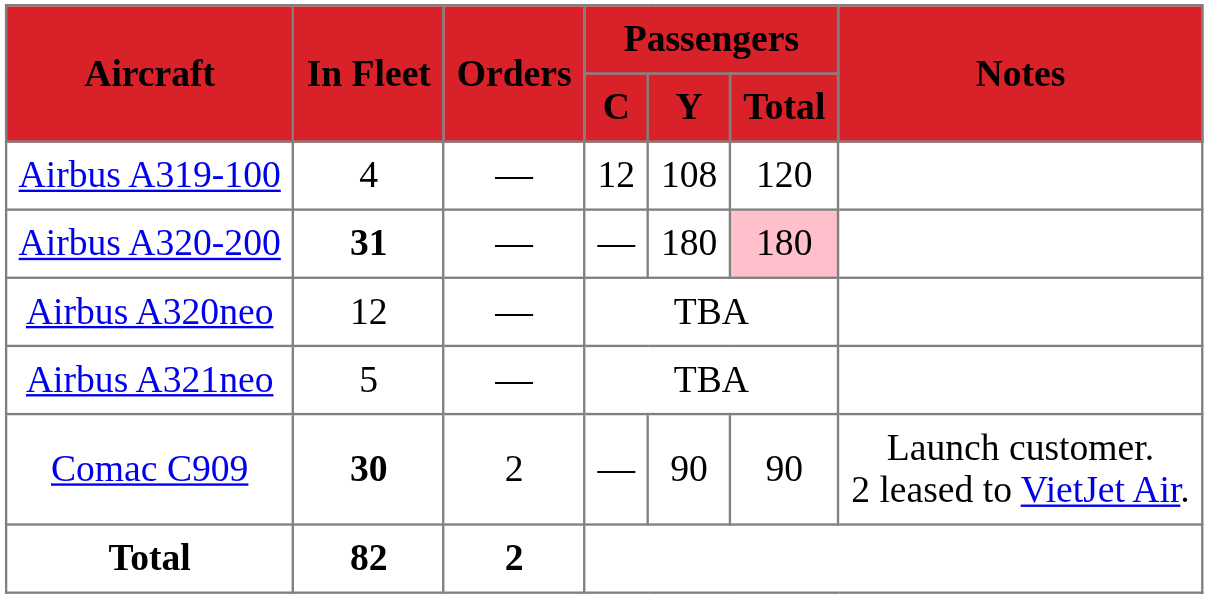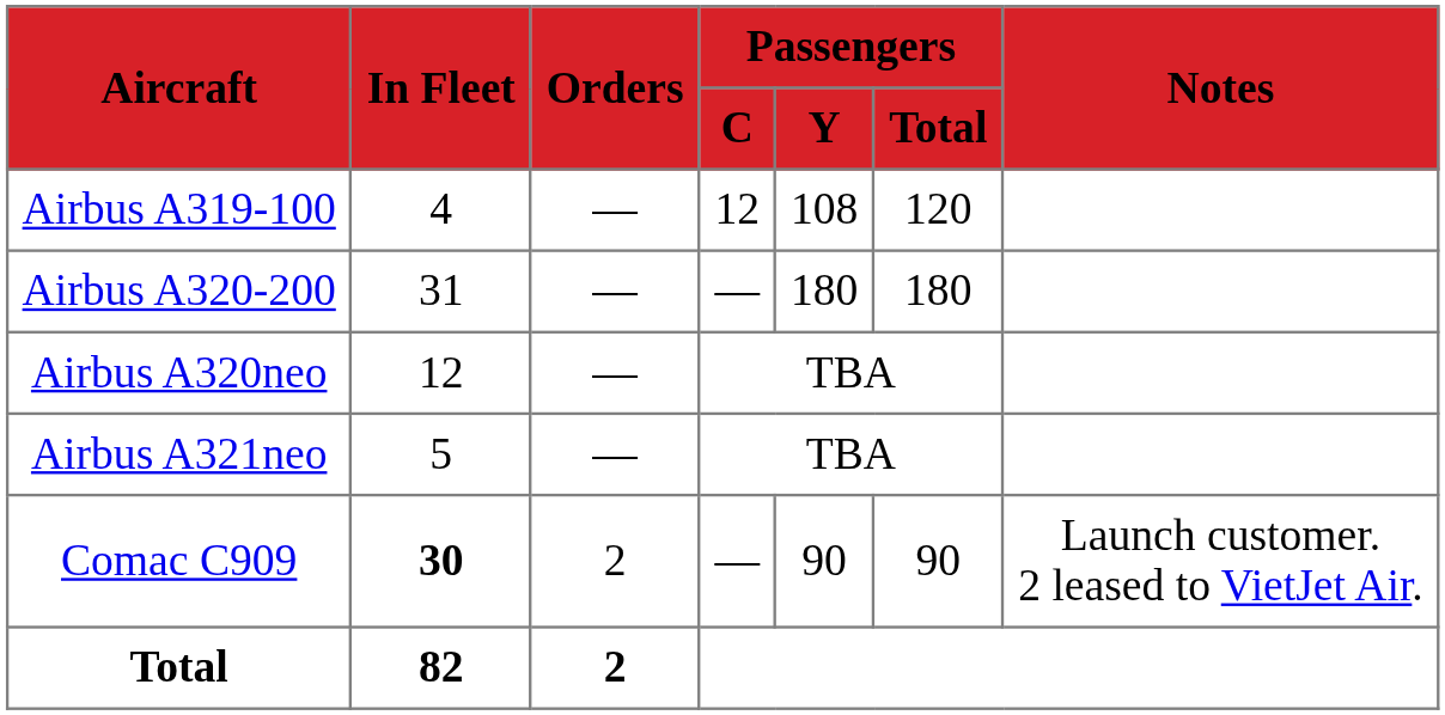 <table class="toccolours" border="1" cellpadding="5" style="border-collapse:collapse; text-align:center; margin: 1em auto;">
 <tr bgcolor=D82128>
 <th rowspan=2><span>Aircraft</span></th>
 <th rowspan=2><span>In Fleet</span></th>
 <th rowspan=2><span>Orders</span></th>
 <th colspan=3><span>Passengers</span></th>
 <th rowspan=2><span>Notes</span></th>
 </tr>
 <tr bgcolor=#D82128>
 <th><abbr><span>C</span></abbr></th>
 <th><abbr><span>Y</span></abbr></th>
 <th><span>Total</span></th>
 </tr>
 <tr>
 <td><a href='#'>Airbus A319-100</a></td>
 <td>4</td>
 <td>—</td>
 <td>12</td>
 <td>108</td>
 <td>120</td>
 <td></td>
 </tr>
 <tr>
 <td><a href='#'>Airbus A320-200</a></td>
-<td><strong>31</strong></td>
+<td>31</td>
 <td>—</td>
 <td>—</td>
 <td>180</td>
-<td style="background: pink;">180</td>
+<td>180</td>
 <td></td>
 </tr>
 <tr>
 <td><a href='#'>Airbus A320neo</a></td>
 <td>12</td>
 <td>—</td>
 <td colspan=3><abbr>TBA</abbr></td>
 <td></td>
 </tr>
 <tr>
 <td><a href='#'>Airbus A321neo</a></td>
 <td>5</td>
 <td>—</td>
 <td colspan=3><abbr>TBA</abbr></td>
 <td></td>
 </tr>
 <tr>
 <td><a href='#'>Comac C909</a></td>
 <td><strong>30</strong></td>
 <td>2</td>
 <td>—</td>
 <td>90</td>
 <td>90</td>
 <td>Launch customer.<br>2 leased to <a href='#'>VietJet Air</a>.</td>
 </tr>
 <tr>
 <th>Total</th>
 <th>82</th>
 <th>2</th>
 <th colspan=4></th>
 </tr>
 </table>
